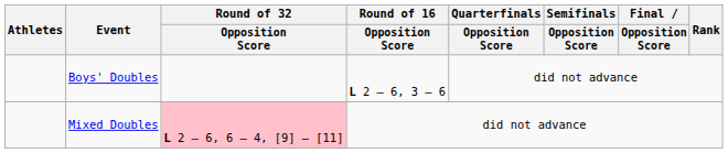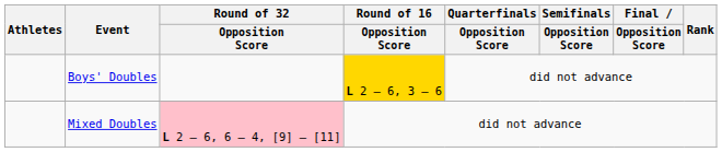 <table class=wikitable style="font-size:90%">
 <tr>
 <th rowspan="2">Athletes</th>
 <th rowspan="2">Event</th>
 <th>Round of 32</th>
 <th>Round of 16</th>
 <th>Quarterfinals</th>
 <th>Semifinals</th>
 <th>Final / </th>
 <th rowspan=2>Rank</th>
 </tr>
 <tr style="font-size:95%">
 <th>Opposition<br>Score</th>
 <th>Opposition<br>Score</th>
 <th>Opposition<br>Score</th>
 <th>Opposition<br>Score</th>
 <th>Opposition<br>Score</th>
 </tr>
 <tr align=center>
 <td align=left><br></td>
 <td align=left><a href='#'>Boys' Doubles</a></td>
 <td></td>
-<td><br> <br><strong>L</strong> 2 – 6, 3 – 6</td>
+<td style="background: gold;"><br> <br><strong>L</strong> 2 – 6, 3 – 6</td>
 <td colspan=4>did not advance</td>
 </tr>
 <tr align=center>
 <td align=left><br></td>
 <td align=left><a href='#'>Mixed Doubles</a></td>
 <td style="background: pink;"><br> <br><strong>L</strong> 2 – 6, 6 – 4, [9] – [11]</td>
 <td colspan=5>did not advance</td>
 </tr>
 </table>
